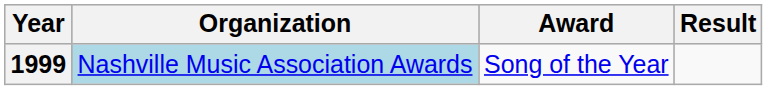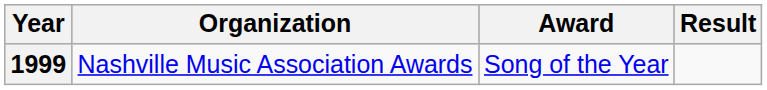 <table class="wikitable plainrowheaders">
 <tr>
 <th scope="col">Year</th>
 <th scope="col">Organization</th>
 <th scope="col">Award</th>
 <th scope="col">Result</th>
 </tr>
 <tr>
 <th scope="row" rowspan="2">1999</th>
-<td style="background: lightblue;"><a href='#'>Nashville Music Association Awards</a></td>
+<td><a href='#'>Nashville Music Association Awards</a></td>
 <td><a href='#'>Song of the Year</a></td>
 <td></td>
 </tr>
 </table>
